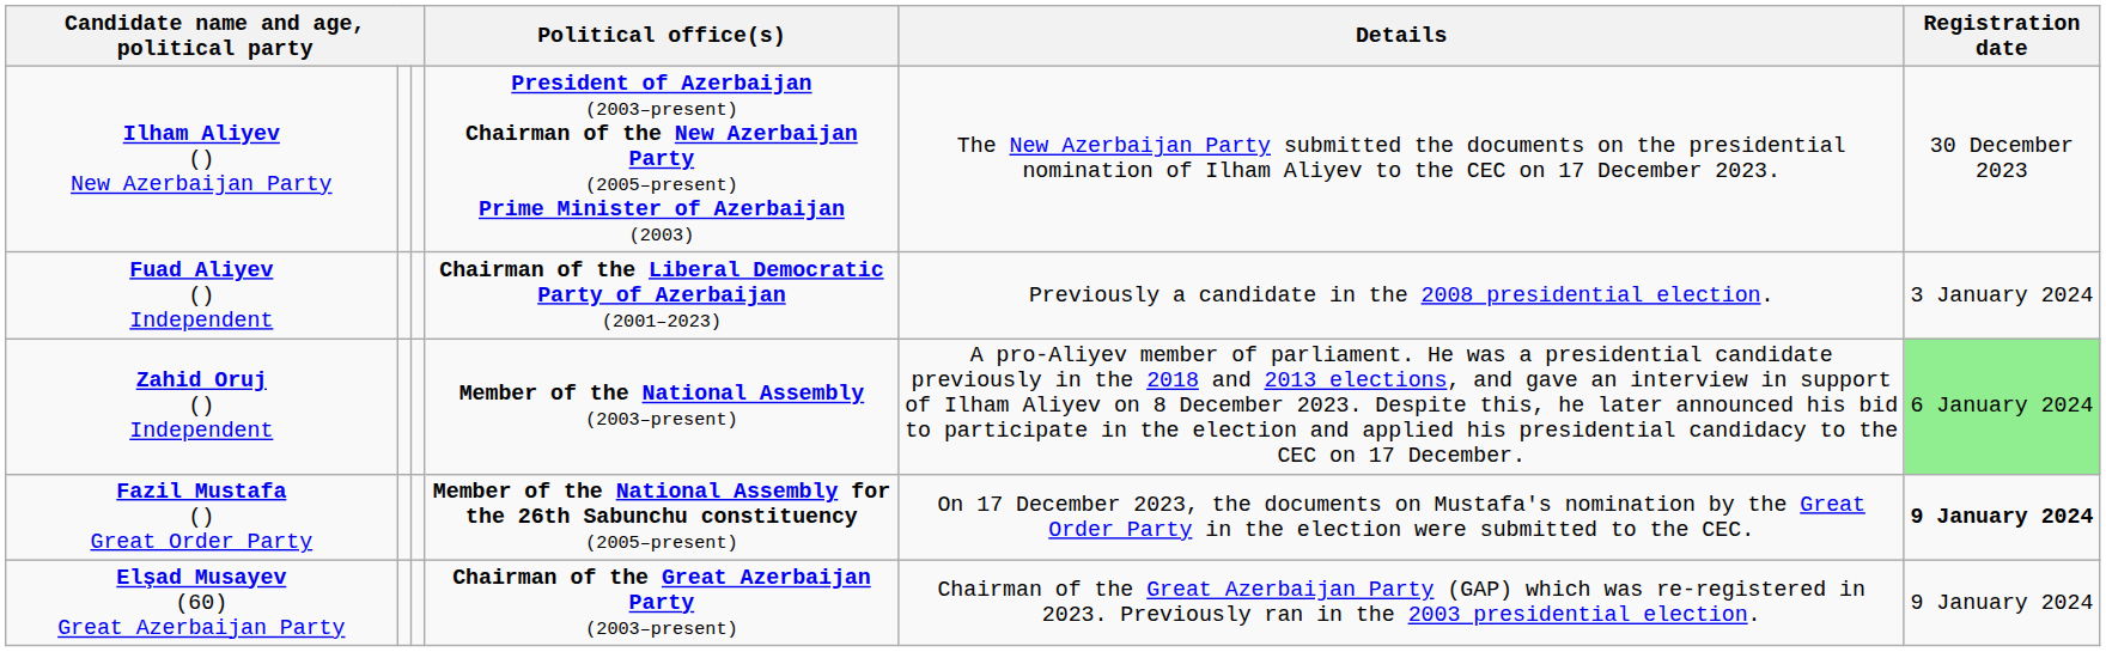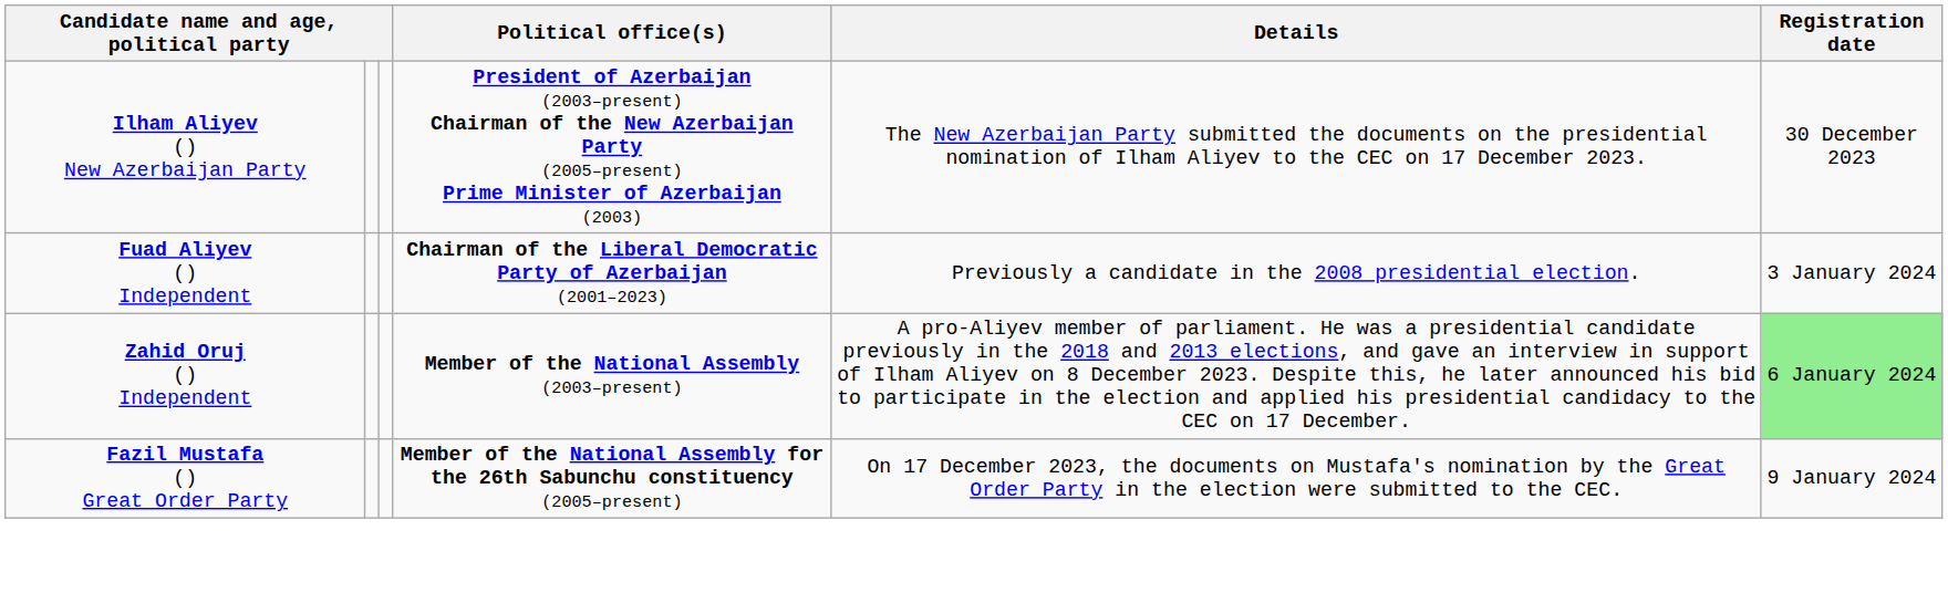 <table class="wikitable" style="text-align:center;">
 <tr>
 <th colspan="3" style="width:20%;">Candidate name and age,<br>political party</th>
 <th>Political office(s)</th>
 <th style="width:48%;">Details</th>
 <th>Registration date</th>
 </tr>
 <tr>
 <td><strong><a href='#'>Ilham Aliyev</a></strong><br>()<br><a href='#'>New Azerbaijan Party</a></td>
 <td></td>
 <td style="background-color:"></td>
 <td><strong><a href='#'>President of Azerbaijan</a></strong><br><small>(2003–present)</small><br><strong>Chairman of the <a href='#'>New Azerbaijan Party</a></strong><br><small>(2005–present)</small><strong><br><a href='#'>Prime Minister of Azerbaijan</a></strong><br><small>(2003)</small></td>
 <td>The <a href='#'>New Azerbaijan Party</a> submitted the documents on the presidential nomination of Ilham Aliyev to the CEC on 17 December 2023.</td>
 <td>30 December 2023</td>
 </tr>
 <tr>
 <td><strong><a href='#'>Fuad Aliyev</a></strong><br>()<br><a href='#'>Independent</a></td>
 <td></td>
 <td style="background-color:"></td>
 <td><strong>Chairman of the <a href='#'>Liberal Democratic Party of Azerbaijan</a></strong><br><small>(2001–2023)</small></td>
 <td>Previously a candidate in the <a href='#'>2008 presidential election</a>.</td>
 <td>3 January 2024</td>
 </tr>
 <tr>
 <td><strong><a href='#'>Zahid Oruj</a></strong><br>()<br><a href='#'>Independent</a></td>
 <td></td>
 <td style="background-color:"></td>
 <td><strong>Member of the <a href='#'>National Assembly</a></strong><br><small>(2003–present)</small></td>
 <td>A pro-Aliyev member of parliament. He was a presidential candidate previously in the <a href='#'>2018</a> and <a href='#'>2013 elections</a>, and gave an interview in support of Ilham Aliyev on 8 December 2023. Despite this, he later announced his bid to participate in the election and applied his presidential candidacy to the CEC on 17 December.</td>
 <td style="background: lightgreen;">6 January 2024</td>
 </tr>
 <tr>
 <td><strong><a href='#'>Fazil Mustafa</a></strong><br>()<br><a href='#'>Great Order Party</a></td>
 <td></td>
 <td style="background-color:"></td>
 <td><strong>Member of the <a href='#'>National Assembly</a> for the 26th Sabunchu constituency</strong><br><small>(2005–present)</small></td>
 <td>On 17 December 2023, the documents on Mustafa's nomination by the <a href='#'>Great Order Party</a> in the election were submitted to the CEC.</td>
-<td><strong>9 January 2024</strong></td>
-</tr>
-<tr>
-<td><strong><a href='#'>Elşad Musayev</a></strong><br>(60)<br><a href='#'>Great Azerbaijan Party</a></td>
-<td></td>
-<td style="background-color:"></td>
-<td><strong>Chairman of the <a href='#'>Great Azerbaijan Party</a></strong><br><small>(2003–present)</small></td>
-<td>Chairman of the <a href='#'>Great Azerbaijan Party</a> (GAP) which was re-registered in 2023. Previously ran in the <a href='#'>2003 presidential election</a>.</td>
 <td>9 January 2024</td>
 </tr>
 </table>
